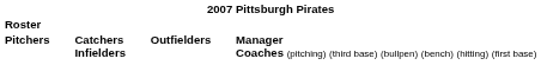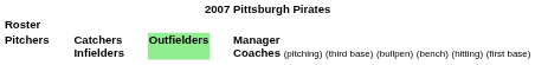 <table class="toccolours" style="font-size: 95%;">
 <tr>
 <th colspan="10"><strong>2007 Pittsburgh Pirates</strong></th>
 </tr>
 <tr>
 <td colspan="10"><strong>Roster</strong></td>
 </tr>
 <tr>
 <td valign="top"><strong>Pitchers</strong><br>                       </td>
 <td width="25px"></td>
 <td valign="top"><strong>Catchers</strong><br>   <strong>Infielders</strong>          </td>
 <td width="25px"></td>
-<td valign="top"><strong>Outfielders</strong><br>       </td>
+<td valign="top" style="background: lightgreen;"><strong>Outfielders</strong><br>       </td>
 <td width="25px"></td>
 <td valign="top"><strong>Manager</strong><br> <strong>Coaches</strong>  <small>(pitching)</small>  <small>(third base)</small>  <small>(bullpen)</small>  <small>(bench)</small>  <small>(hitting)</small>  <small>(first base)</small></td>
 </tr>
 </table>
